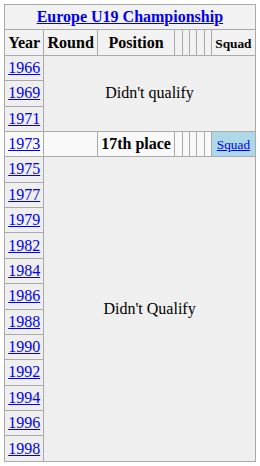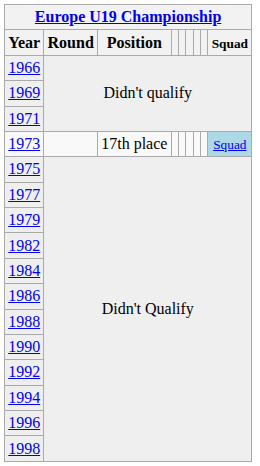 <table class="wikitable" style="text-align: center;">
 <tr>
 <th colspan=9><a href='#'>Europe U19 Championship</a></th>
 </tr>
 <tr>
 <th>Year</th>
 <th>Round</th>
 <th>Position</th>
 <th></th>
 <th></th>
 <th></th>
 <th></th>
 <th></th>
 <th><small>Squad</small></th>
 </tr>
 <tr bgcolor="efefef">
 <td> <a href='#'>1966</a></td>
 <td colspan=8 rowspan=3>Didn't qualify</td>
 </tr>
 <tr bgcolor="efefef">
 <td> <a href='#'>1969</a></td>
 </tr>
 <tr bgcolor="efefef">
 <td> <a href='#'>1971</a></td>
 </tr>
 <tr>
 <td> <a href='#'>1973</a></td>
 <td></td>
-<td><strong>17th place</strong></td>
+<td>17th place</td>
 <td></td>
 <td></td>
 <td></td>
 <td></td>
 <td></td>
 <td style="background: lightblue;"><small> <a href='#'>Squad</a></small></td>
 </tr>
 <tr bgcolor="efefef">
 <td> <a href='#'>1975</a></td>
 <td colspan=8 rowspan=12>Didn't Qualify</td>
 </tr>
 <tr bgcolor="efefef">
 <td> <a href='#'>1977</a></td>
 </tr>
 <tr bgcolor="efefef">
 <td> <a href='#'>1979</a></td>
 </tr>
 <tr bgcolor="efefef">
 <td> <a href='#'>1982</a></td>
 </tr>
 <tr bgcolor="efefef">
 <td> <a href='#'>1984</a></td>
 </tr>
 <tr bgcolor="efefef">
 <td> <a href='#'>1986</a></td>
 </tr>
 <tr bgcolor="efefef">
 <td> <a href='#'>1988</a></td>
 </tr>
 <tr bgcolor="efefef">
 <td> <a href='#'>1990</a></td>
 </tr>
 <tr bgcolor="efefef">
 <td> <a href='#'>1992</a></td>
 </tr>
 <tr bgcolor="efefef">
 <td> <a href='#'>1994</a></td>
 </tr>
 <tr bgcolor="efefef">
 <td> <a href='#'>1996</a></td>
 </tr>
 <tr bgcolor="efefef">
 <td> <a href='#'>1998</a></td>
 </tr>
 <tr>
 </tr>
 </table>
